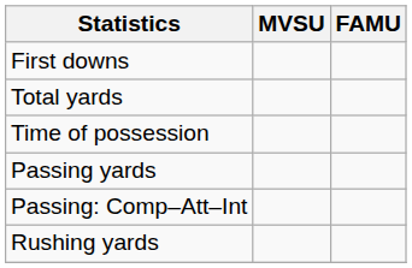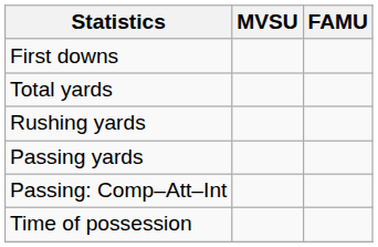 <table class="wikitable" style="float: left;">
 <tr>
 <th>Statistics</th>
 <th>MVSU</th>
 <th>FAMU</th>
 </tr>
 <tr>
 <td>First downs</td>
 <td></td>
 <td></td>
 </tr>
 <tr>
 <td>Total yards</td>
 <td></td>
 <td></td>
 </tr>
 <tr>
-<td>Time of possession</td>
+<td>Rushing yards</td>
 <td></td>
 <td></td>
 </tr>
 <tr>
 <td>Passing yards</td>
 <td></td>
 <td></td>
 </tr>
 <tr>
 <td>Passing: Comp–Att–Int</td>
 <td></td>
 <td></td>
 </tr>
 <tr>
-<td>Rushing yards</td>
+<td>Time of possession</td>
 <td></td>
 <td></td>
 </tr>
 <tr>
 </tr>
 </table>
